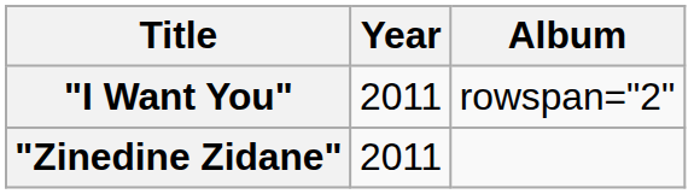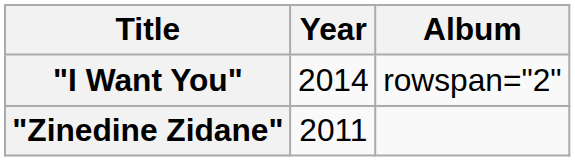 <table class="wikitable plainrowheaders" style="text-align:center;">
 <tr>
 <th scope="col" rowspan="1">Title</th>
 <th scope="col" rowspan="1">Year</th>
 <th scope="col" rowspan="1">Album</th>
 </tr>
 <tr>
 <th scope="row">"I Want You"</th>
-<td>2011</td>
+<td>2014</td>
 <td>rowspan="2" </td>
 </tr>
 <tr>
 <th scope="row">"Zinedine Zidane"<br></th>
 <td>2011</td>
 </tr>
 </table>
